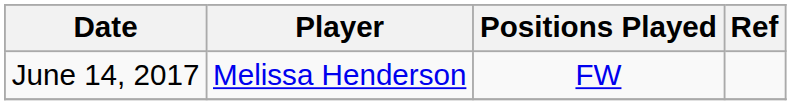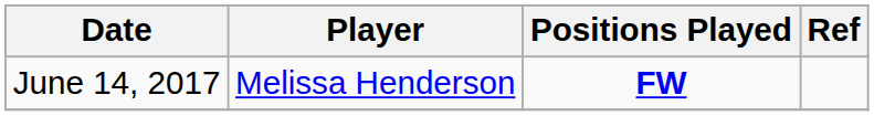 <table class=wikitable>
 <tr>
 <th>Date</th>
 <th>Player</th>
 <th>Positions Played</th>
 <th>Ref</th>
 </tr>
 <tr>
 <td>June 14, 2017</td>
 <td><a href='#'>Melissa Henderson</a></td>
-<td align=center><a href='#'>FW</a></td>
+<td align=center><strong><a href='#'>FW</a></strong></td>
 <td></td>
 </tr>
 <tr>
 </tr>
 </table>
